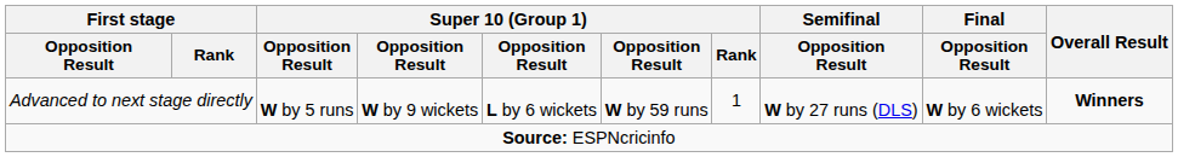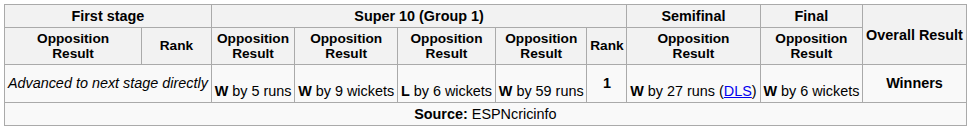 <table class=wikitable style=font-size:90%;text-align:center>
 <tr>
 <th colspan=2>First stage</th>
 <th colspan=5>Super 10 (Group 1)</th>
 <th>Semifinal</th>
 <th>Final</th>
 <th rowspan=2>Overall Result</th>
 </tr>
 <tr style=font-size:95%>
 <th>Opposition<br>Result</th>
 <th>Rank</th>
 <th>Opposition<br>Result</th>
 <th>Opposition<br>Result</th>
 <th>Opposition<br>Result</th>
 <th>Opposition<br>Result</th>
 <th>Rank</th>
 <th>Opposition<br>Result</th>
 <th>Opposition<br>Result</th>
 </tr>
 <tr>
 <td colspan="2"><em>Advanced to next stage directly</em></td>
 <td><br><strong>W</strong> by 5 runs</td>
 <td><br><strong>W</strong> by 9 wickets</td>
 <td><br><strong>L</strong> by 6 wickets</td>
 <td><br><strong>W</strong> by 59 runs</td>
-<td>1</td>
+<td><strong>1</strong></td>
 <td><br><strong>W</strong> by 27 runs (<a href='#'>DLS</a>)</td>
 <td><br><strong>W</strong> by 6 wickets</td>
 <td><strong>Winners</strong></td>
 </tr>
 <tr>
 <td colspan="11"><strong>Source:</strong> ESPNcricinfo</td>
 </tr>
 </table>
